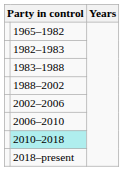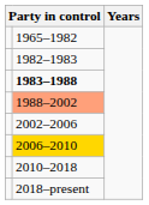 <table class="wikitable">
 <tr>
 <th colspan=2>Party in control</th>
 <th>Years</th>
 </tr>
 <tr>
 <td></td>
 <td>1965–1982</td>
 </tr>
 <tr>
 <td></td>
 <td>1982–1983</td>
 </tr>
 <tr>
 <td></td>
-<td>1983–1988</td>
+<td><strong>1983–1988</strong></td>
 </tr>
 <tr>
 <td></td>
-<td>1988–2002</td>
+<td style="background: lightsalmon;">1988–2002</td>
 </tr>
 <tr>
 <td></td>
 <td>2002–2006</td>
 </tr>
 <tr>
 <td></td>
-<td>2006–2010</td>
+<td style="background: gold;">2006–2010</td>
 </tr>
 <tr>
 <td></td>
-<td style="background: paleturquoise;">2010–2018</td>
+<td>2010–2018</td>
 </tr>
 <tr>
 <td></td>
 <td>2018–present</td>
 </tr>
 </table>
